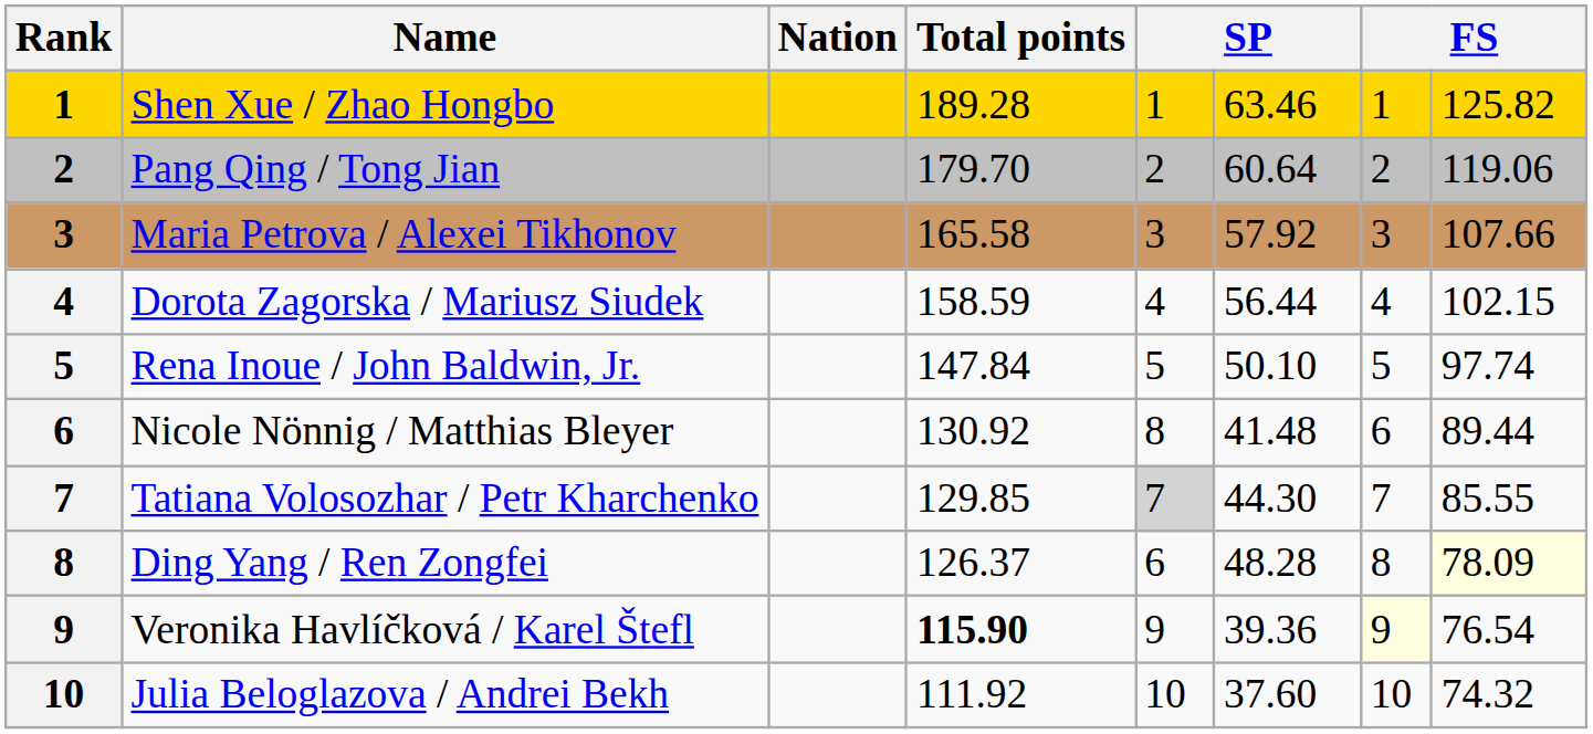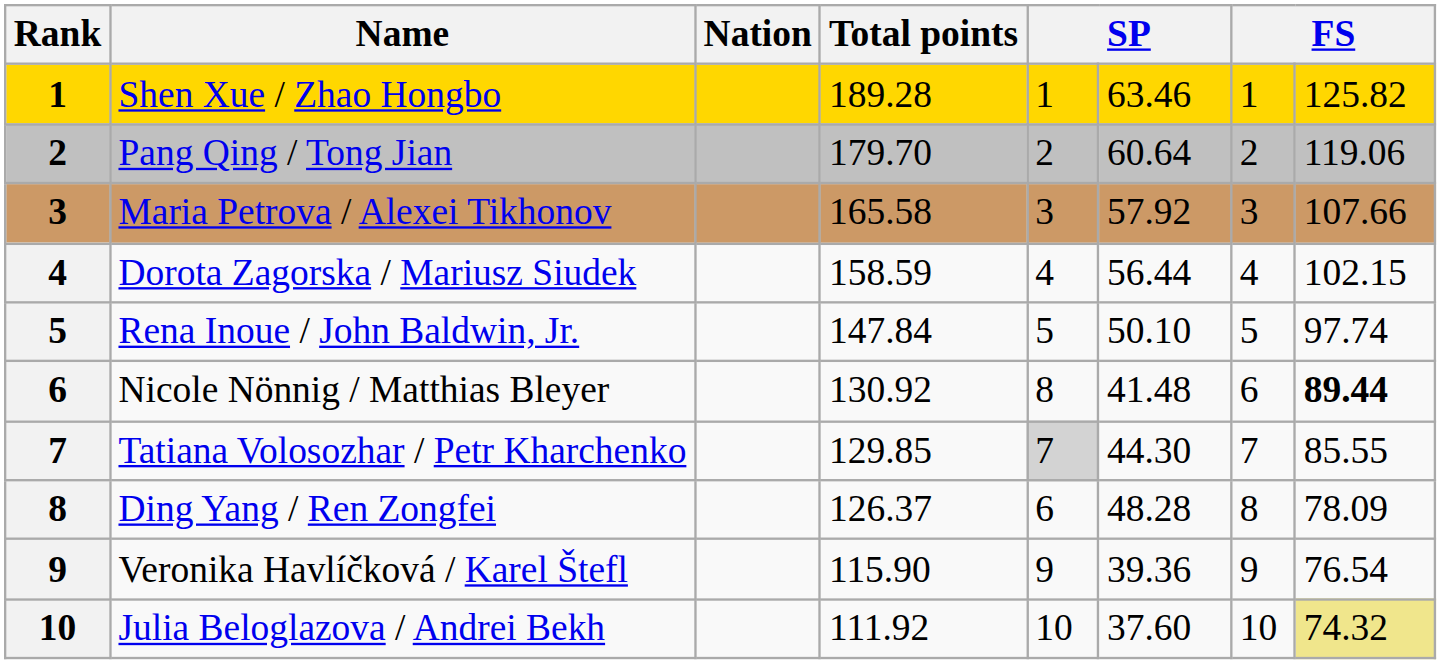 <table class="wikitable">
 <tr>
 <th>Rank</th>
 <th>Name</th>
 <th>Nation</th>
 <th>Total points</th>
 <th colspan="2" width="80px"><a href='#'>SP</a></th>
 <th colspan="2" width="80px"><a href='#'>FS</a></th>
 </tr>
 <tr bgcolor="gold">
 <td align="center"><strong>1</strong></td>
 <td><a href='#'>Shen Xue</a> / <a href='#'>Zhao Hongbo</a></td>
 <td></td>
 <td>189.28</td>
 <td>1</td>
 <td>63.46</td>
 <td>1</td>
 <td>125.82</td>
 </tr>
 <tr bgcolor="silver">
 <td align="center"><strong>2</strong></td>
 <td><a href='#'>Pang Qing</a> / <a href='#'>Tong Jian</a></td>
 <td></td>
 <td>179.70</td>
 <td>2</td>
 <td>60.64</td>
 <td>2</td>
 <td>119.06</td>
 </tr>
 <tr bgcolor="cc9966">
 <td align="center"><strong>3</strong></td>
 <td><a href='#'>Maria Petrova</a> / <a href='#'>Alexei Tikhonov</a></td>
 <td></td>
 <td>165.58</td>
 <td>3</td>
 <td>57.92</td>
 <td>3</td>
 <td>107.66</td>
 </tr>
 <tr>
 <th>4</th>
 <td><a href='#'>Dorota Zagorska</a> / <a href='#'>Mariusz Siudek</a></td>
 <td></td>
 <td>158.59</td>
 <td>4</td>
 <td>56.44</td>
 <td>4</td>
 <td>102.15</td>
 </tr>
 <tr>
 <th>5</th>
 <td><a href='#'>Rena Inoue</a> / <a href='#'>John Baldwin, Jr.</a></td>
 <td></td>
 <td>147.84</td>
 <td>5</td>
 <td>50.10</td>
 <td>5</td>
 <td>97.74</td>
 </tr>
 <tr>
 <th>6</th>
 <td>Nicole Nönnig / Matthias Bleyer</td>
 <td></td>
 <td>130.92</td>
 <td>8</td>
 <td>41.48</td>
 <td>6</td>
-<td>89.44</td>
+<td><strong>89.44</strong></td>
 </tr>
 <tr>
 <th>7</th>
 <td><a href='#'>Tatiana Volosozhar</a> / <a href='#'>Petr Kharchenko</a></td>
 <td></td>
 <td>129.85</td>
 <td style="background: lightgrey;">7</td>
 <td>44.30</td>
 <td>7</td>
 <td>85.55</td>
 </tr>
 <tr>
 <th>8</th>
 <td><a href='#'>Ding Yang</a> / <a href='#'>Ren Zongfei</a></td>
 <td></td>
 <td>126.37</td>
 <td>6</td>
 <td>48.28</td>
 <td>8</td>
-<td style="background: lightyellow;">78.09</td>
+<td>78.09</td>
 </tr>
 <tr>
 <th>9</th>
 <td>Veronika Havlíčková / <a href='#'>Karel Štefl</a></td>
 <td></td>
-<td><strong>115.90</strong></td>
+<td>115.90</td>
 <td>9</td>
 <td>39.36</td>
-<td style="background: lightyellow;">9</td>
+<td>9</td>
 <td>76.54</td>
 </tr>
 <tr>
 <th>10</th>
 <td><a href='#'>Julia Beloglazova</a> / <a href='#'>Andrei Bekh</a></td>
 <td></td>
 <td>111.92</td>
 <td>10</td>
 <td>37.60</td>
 <td>10</td>
-<td>74.32</td>
+<td style="background: khaki;">74.32</td>
 </tr>
 </table>
